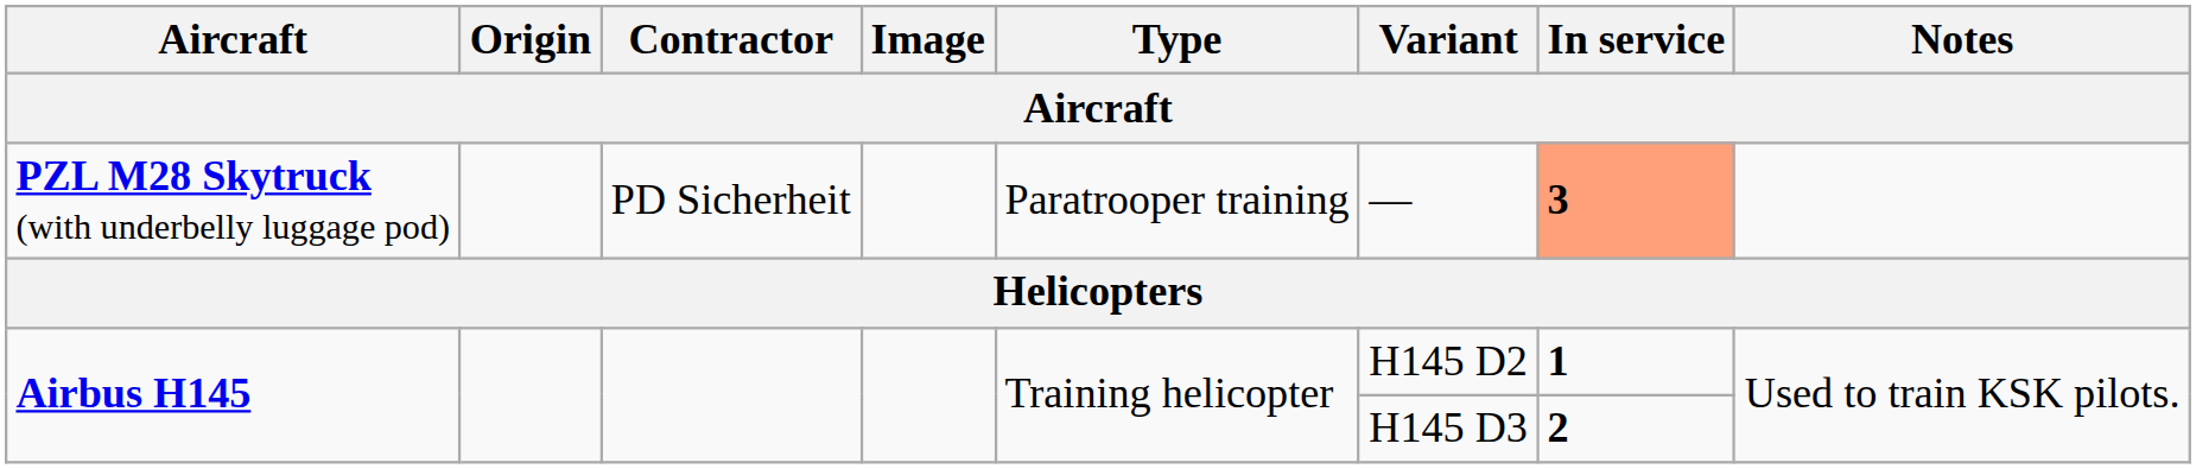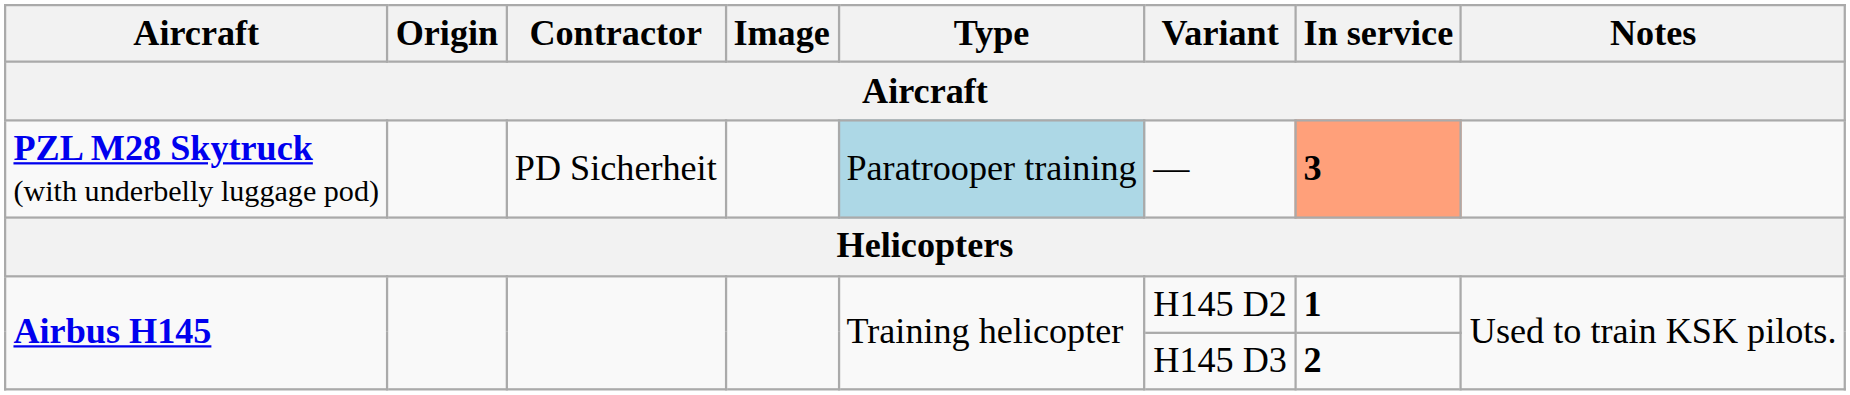 <table class="wikitable">
 <tr>
 <th><strong>Aircraft</strong></th>
 <th><strong>Origin</strong></th>
 <th>Contractor</th>
 <th>Image</th>
 <th><strong>Type</strong></th>
 <th><strong>Variant</strong></th>
 <th><strong>In service</strong></th>
 <th><strong>Notes</strong></th>
 </tr>
 <tr>
 <th colspan="8">Aircraft</th>
 </tr>
 <tr>
 <td><strong><a href='#'>PZL M28 Skytruck</a></strong><br><small>(with underbelly luggage pod)</small></td>
 <td><small></small><br><small></small></td>
 <td>PD Sicherheit</td>
 <td></td>
-<td>Paratrooper training</td>
+<td style="background: lightblue;">Paratrooper training</td>
 <td>—</td>
 <td style="background: lightsalmon;"><strong>3</strong></td>
 <td></td>
 </tr>
 <tr>
 <th colspan="8">Helicopters</th>
 </tr>
 <tr>
 <td rowspan="2"><strong><a href='#'>Airbus H145</a></strong></td>
 <td rowspan="2"><small></small></td>
 <td rowspan="2"></td>
 <td rowspan="2"></td>
 <td rowspan="2">Training helicopter</td>
 <td>H145 D2</td>
 <td><strong>1</strong></td>
 <td rowspan="2">Used to train KSK pilots.</td>
 </tr>
 <tr>
 <td>H145 D3</td>
 <td><strong>2</strong></td>
 </tr>
 </table>
